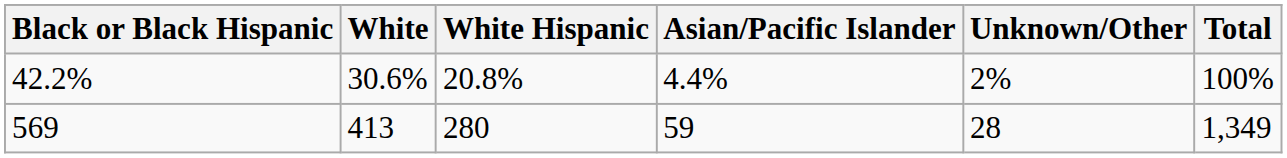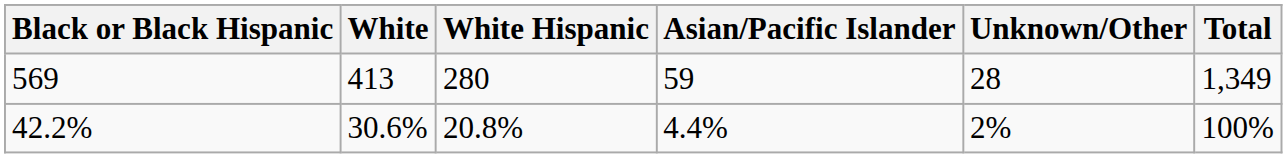 <table class="wikitable floatright" style="align:right;">
 <tr>
 <th>Black or Black Hispanic</th>
 <th>White</th>
 <th>White Hispanic</th>
 <th>Asian/Pacific Islander</th>
 <th>Unknown/Other</th>
 <th>Total</th>
 </tr>
 <tr>
+<td>569</td>
+<td>413</td>
+<td>280</td>
+<td>59</td>
+<td>28</td>
+<td>1,349</td>
+</tr>
+<tr>
 <td>42.2%</td>
 <td>30.6%</td>
 <td>20.8%</td>
 <td>4.4%</td>
 <td>2%</td>
 <td>100%</td>
 </tr>
-<tr>
-<td>569</td>
-<td>413</td>
-<td>280</td>
-<td>59</td>
-<td>28</td>
-<td>1,349</td>
-</tr>
 </table>
